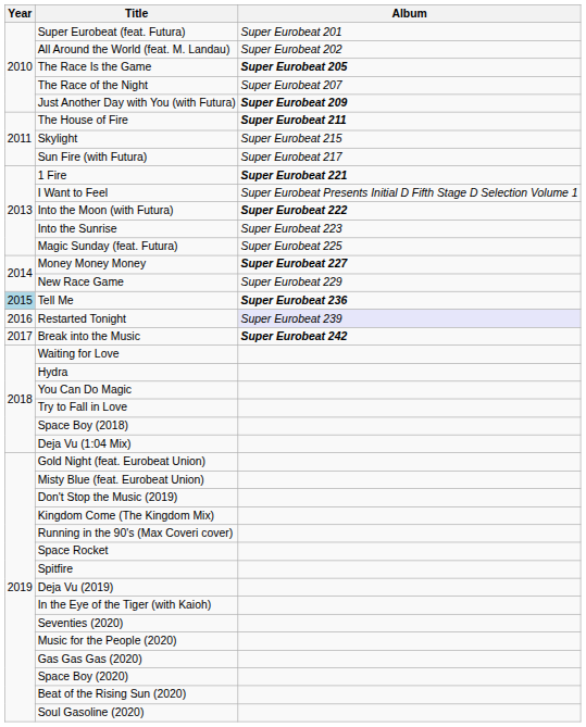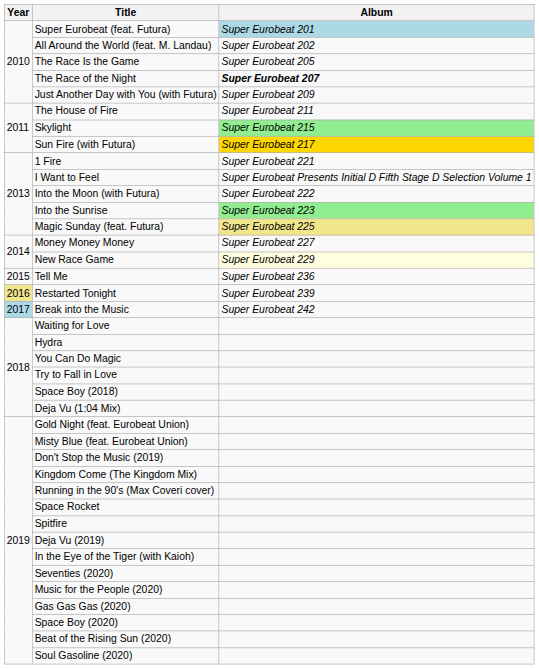 <table class="wikitable">
 <tr>
 <th>Year</th>
 <th>Title</th>
 <th>Album</th>
 </tr>
 <tr>
 <td rowspan="5">2010</td>
 <td>Super Eurobeat (feat. Futura)</td>
-<td><em> Super Eurobeat 201 </em></td>
+<td style="background: lightblue;"><em> Super Eurobeat 201 </em></td>
 </tr>
 <tr>
 <td>All Around the World (feat. M. Landau)</td>
 <td><em> Super Eurobeat 202 </em></td>
 </tr>
 <tr>
 <td>The Race Is the Game</td>
-<td><strong><em> Super Eurobeat 205 </em></strong></td>
+<td><em> Super Eurobeat 205 </em></td>
 </tr>
 <tr>
 <td>The Race of the Night</td>
-<td><em> Super Eurobeat 207 </em></td>
+<td><strong><em> Super Eurobeat 207 </em></strong></td>
 </tr>
 <tr>
 <td>Just Another Day with You (with Futura)</td>
-<td><strong><em> Super Eurobeat 209 </em></strong></td>
+<td><em> Super Eurobeat 209 </em></td>
 </tr>
 <tr>
 <td rowspan="3">2011</td>
 <td>The House of Fire</td>
-<td><strong><em> Super Eurobeat 211 </em></strong></td>
+<td><em> Super Eurobeat 211 </em></td>
 </tr>
 <tr>
 <td>Skylight</td>
-<td><em> Super Eurobeat 215 </em></td>
+<td style="background: lightgreen;"><em> Super Eurobeat 215 </em></td>
 </tr>
 <tr>
 <td>Sun Fire (with Futura)</td>
-<td><em> Super Eurobeat 217 </em></td>
+<td style="background: gold;"><em> Super Eurobeat 217 </em></td>
 </tr>
 <tr>
 <td rowspan="5">2013</td>
 <td>1 Fire</td>
-<td><strong><em> Super Eurobeat 221 </em></strong></td>
+<td><em> Super Eurobeat 221 </em></td>
 </tr>
 <tr>
 <td>I Want to Feel</td>
 <td><em> Super Eurobeat Presents Initial D Fifth Stage D Selection Volume 1 </em></td>
 </tr>
 <tr>
 <td>Into the Moon (with Futura)</td>
-<td><strong><em> Super Eurobeat 222 </em></strong></td>
+<td><em> Super Eurobeat 222 </em></td>
 </tr>
 <tr>
 <td>Into the Sunrise</td>
-<td><em> Super Eurobeat 223 </em></td>
+<td style="background: lightgreen;"><em> Super Eurobeat 223 </em></td>
 </tr>
 <tr>
 <td>Magic Sunday (feat. Futura)</td>
-<td><em> Super Eurobeat 225 </em></td>
+<td style="background: khaki;"><em> Super Eurobeat 225 </em></td>
 </tr>
 <tr>
 <td rowspan="2">2014</td>
 <td>Money Money Money</td>
-<td><strong><em> Super Eurobeat 227 </em></strong></td>
+<td><em> Super Eurobeat 227 </em></td>
 </tr>
 <tr>
 <td>New Race Game</td>
-<td><em> Super Eurobeat 229 </em></td>
+<td style="background: lightyellow;"><em> Super Eurobeat 229 </em></td>
 </tr>
 <tr>
-<td style="background: lightblue;">2015</td>
+<td>2015</td>
 <td>Tell Me</td>
-<td><strong><em> Super Eurobeat 236 </em></strong></td>
+<td><em> Super Eurobeat 236 </em></td>
 </tr>
 <tr>
-<td>2016</td>
+<td style="background: khaki;">2016</td>
 <td>Restarted Tonight</td>
-<td style="background: lavender;"><em> Super Eurobeat 239 </em></td>
+<td><em> Super Eurobeat 239 </em></td>
 </tr>
 <tr>
-<td>2017</td>
+<td style="background: lightblue;">2017</td>
 <td>Break into the Music</td>
-<td><strong><em> Super Eurobeat 242 </em></strong></td>
+<td><em> Super Eurobeat 242 </em></td>
 </tr>
 <tr>
 <td rowspan="6">2018</td>
 <td>Waiting for Love</td>
 <td></td>
 </tr>
 <tr>
 <td>Hydra</td>
 <td></td>
 </tr>
 <tr>
 <td>You Can Do Magic</td>
 <td></td>
 </tr>
 <tr>
 <td>Try to Fall in Love</td>
 <td></td>
 </tr>
 <tr>
 <td>Space Boy (2018)</td>
 <td></td>
 </tr>
 <tr>
 <td>Deja Vu (1:04 Mix)</td>
 <td></td>
 </tr>
 <tr>
 <td rowspan="15">2019</td>
 <td>Gold Night (feat. Eurobeat Union)</td>
 <td></td>
 </tr>
 <tr>
 <td>Misty Blue (feat. Eurobeat Union)</td>
 <td></td>
 </tr>
 <tr>
 <td>Don't Stop the Music (2019)</td>
 <td></td>
 </tr>
 <tr>
 <td>Kingdom Come (The Kingdom Mix)</td>
 <td></td>
 </tr>
 <tr>
 <td>Running in the 90's (Max Coveri cover)</td>
 <td></td>
 </tr>
 <tr>
 <td>Space Rocket</td>
 <td></td>
 </tr>
 <tr>
 <td>Spitfire</td>
 <td></td>
 </tr>
 <tr>
 <td>Deja Vu (2019)</td>
 <td></td>
 </tr>
 <tr>
 <td>In the Eye of the Tiger (with Kaioh)</td>
 <td></td>
 </tr>
 <tr>
 <td>Seventies (2020)</td>
 <td></td>
 </tr>
 <tr>
 <td>Music for the People (2020)</td>
 <td></td>
 </tr>
 <tr>
 <td>Gas Gas Gas (2020)</td>
 <td></td>
 </tr>
 <tr>
 <td>Space Boy (2020)</td>
 <td></td>
 </tr>
 <tr>
 <td>Beat of the Rising Sun (2020)</td>
 <td></td>
 </tr>
 <tr>
 <td>Soul Gasoline (2020)</td>
 <td></td>
 </tr>
 </table>
